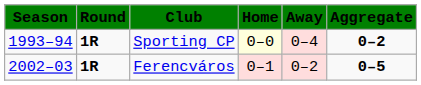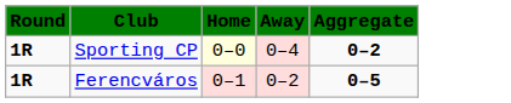 <table class="wikitable">
 <tr>
-<th style="background:green;color:#000000;">Season</th>
 <th style="background:green;color:#000000;">Round</th>
 <th style="background:green;color:#000000;">Club</th>
 <th style="background:green;color:#000000;">Home</th>
 <th style="background:green;color:#000000;">Away</th>
 <th style="background:green;color:#000000;">Aggregate</th>
 </tr>
 <tr>
-<td><a href='#'>1993–94</a></td>
 <td><strong>1R</strong></td>
 <td> <a href='#'>Sporting CP</a></td>
 <td style="text-align:center; background:#ffd;">0–0</td>
 <td style="text-align:center; background:#fdd;">0–4</td>
 <td style="text-align:center;"><strong>0–2</strong></td>
 </tr>
 <tr>
-<td><a href='#'>2002–03</a></td>
 <td><strong>1R</strong></td>
 <td> <a href='#'>Ferencváros</a></td>
 <td style="text-align:center; background:#fdd;">0–1</td>
 <td style="text-align:center; background:#fdd;">0–2</td>
 <td style="text-align:center;"><strong>0–5</strong></td>
 </tr>
 </table>
